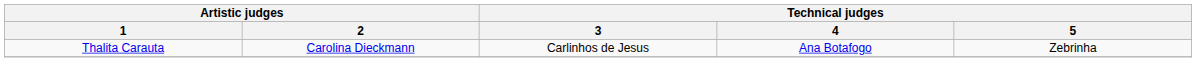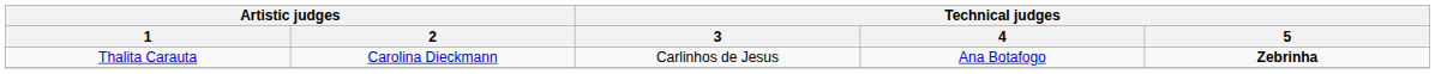 <table class="wikitable" style="font-size:100%; line-height:16px; text-align:center" width="100%">
 <tr>
 <th colspan=2>Artistic judges</th>
 <th colspan=3>Technical judges</th>
 </tr>
 <tr>
 <th width="20.0%">1</th>
 <th width="20.0%">2</th>
 <th width="20.0%">3</th>
 <th width="20.0%">4</th>
 <th width="20.0%">5</th>
 </tr>
 <tr>
 <td><a href='#'>Thalita Carauta</a></td>
 <td><a href='#'>Carolina Dieckmann</a></td>
 <td>Carlinhos de Jesus</td>
 <td><a href='#'>Ana Botafogo</a></td>
-<td>Zebrinha</td>
+<td><strong>Zebrinha</strong></td>
 </tr>
 <tr>
 </tr>
 </table>
